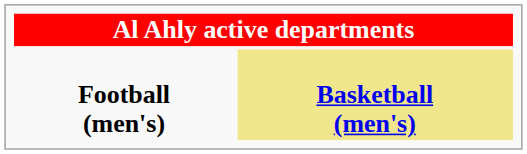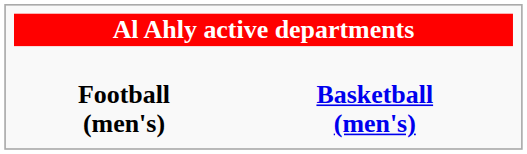 <table class="infobox" style="width:20em; font-size:95%em">
 <tr style="color:white; background:red; text-align:center">
 <th colspan="3" style="text-align:center">Al Ahly active departments</th>
 </tr>
 <tr style="text-align:center">
 <td><br><strong>Football<br>(men's)</strong></td>
-<td style="background: khaki;"><br><strong><a href='#'>Basketball<br>(men's)</a></strong></td>
+<td><br><strong><a href='#'>Basketball<br>(men's)</a></strong></td>
 </tr>
 </table>
